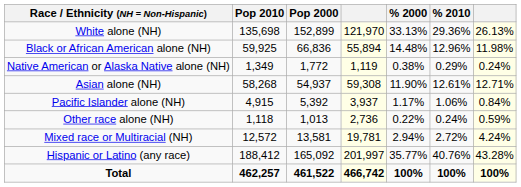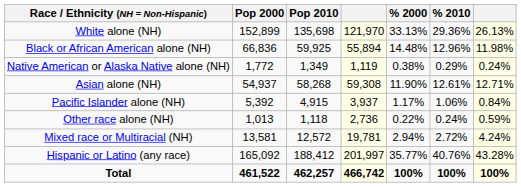 <table class="wikitable" style="text-align:center;">
 <tr>
 <th>Race / Ethnicity <small>(<em>NH = Non-Hispanic</em>)</small></th>
+<th>Pop 2000</th>
 <th>Pop 2010</th>
-<th>Pop 2000</th>
 <th></th>
 <th>% 2000</th>
 <th>% 2010</th>
 <th></th>
 </tr>
 <tr>
 <td><a href='#'>White</a> alone (NH)</td>
+<td>152,899</td>
 <td>135,698</td>
-<td>152,899</td>
 <td style='background: #ffffe6;'>121,970</td>
 <td>33.13%</td>
 <td>29.36%</td>
 <td style='background: #ffffe6;'>26.13%</td>
 </tr>
 <tr>
 <td><a href='#'>Black or African American</a> alone (NH)</td>
+<td>66,836</td>
 <td>59,925</td>
-<td>66,836</td>
 <td style='background: #ffffe6;'>55,894</td>
 <td>14.48%</td>
 <td>12.96%</td>
 <td style='background: #ffffe6;'>11.98%</td>
 </tr>
 <tr>
 <td><a href='#'>Native American</a> or <a href='#'>Alaska Native</a> alone (NH)</td>
+<td>1,772</td>
 <td>1,349</td>
-<td>1,772</td>
 <td style='background: #ffffe6;'>1,119</td>
 <td>0.38%</td>
 <td>0.29%</td>
 <td style='background: #ffffe6;'>0.24%</td>
 </tr>
 <tr>
 <td><a href='#'>Asian</a> alone (NH)</td>
+<td>54,937</td>
 <td>58,268</td>
-<td>54,937</td>
 <td style='background: #ffffe6;'>59,308</td>
 <td>11.90%</td>
 <td>12.61%</td>
 <td style='background: #ffffe6;'>12.71%</td>
 </tr>
 <tr>
 <td><a href='#'>Pacific Islander</a> alone (NH)</td>
+<td>5,392</td>
 <td>4,915</td>
-<td>5,392</td>
 <td style='background: #ffffe6;'>3,937</td>
 <td>1.17%</td>
 <td>1.06%</td>
 <td style='background: #ffffe6;'>0.84%</td>
 </tr>
 <tr>
 <td><a href='#'>Other race</a> alone (NH)</td>
+<td>1,013</td>
 <td>1,118</td>
-<td>1,013</td>
 <td style='background: #ffffe6;'>2,736</td>
 <td>0.22%</td>
 <td>0.24%</td>
 <td style='background: #ffffe6;'>0.59%</td>
 </tr>
 <tr>
 <td><a href='#'>Mixed race or Multiracial</a> (NH)</td>
+<td>13,581</td>
 <td>12,572</td>
-<td>13,581</td>
 <td style='background: #ffffe6;'>19,781</td>
 <td>2.94%</td>
 <td>2.72%</td>
 <td style='background: #ffffe6;'>4.24%</td>
 </tr>
 <tr>
 <td><a href='#'>Hispanic or Latino</a> (any race)</td>
+<td>165,092</td>
 <td>188,412</td>
-<td>165,092</td>
 <td style='background: #ffffe6;'>201,997</td>
 <td>35.77%</td>
 <td>40.76%</td>
 <td style='background: #ffffe6;'>43.28%</td>
 </tr>
 <tr>
 <td><strong>Total</strong></td>
+<td><strong>461,522</strong></td>
 <td><strong>462,257</strong></td>
-<td><strong>461,522</strong></td>
 <td style='background: #ffffe6;'><strong>466,742</strong></td>
 <td><strong>100%</strong></td>
 <td><strong>100%</strong></td>
 <td style='background: #ffffe6;'><strong>100%</strong></td>
 </tr>
 </table>
